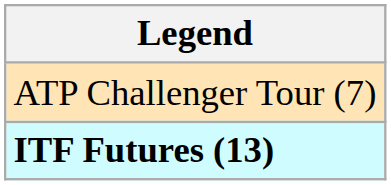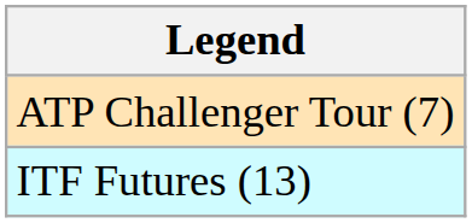 <table class="wikitable">
 <tr>
 <th>Legend</th>
 </tr>
 <tr style="background:moccasin;">
 <td>ATP Challenger Tour (7)</td>
 </tr>
 <tr style="background:#cffcff;">
-<td><strong>ITF Futures (13)</strong></td>
+<td>ITF Futures (13)</td>
 </tr>
 </table>
